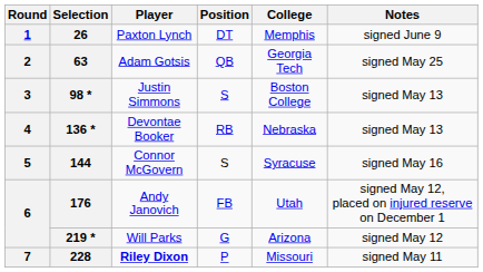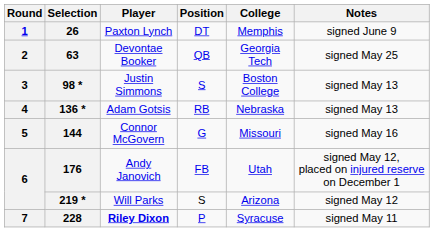 <table class="wikitable" style="text-align:center">
 <tr>
 <th>Round</th>
 <th>Selection</th>
 <th>Player</th>
 <th>Position</th>
 <th>College</th>
 <th>Notes</th>
 </tr>
 <tr>
 <th><a href='#'>1</a></th>
 <th>26</th>
 <td><a href='#'>Paxton Lynch</a></td>
 <td><a href='#'>DT</a></td>
 <td><a href='#'>Memphis</a></td>
 <td>signed June 9</td>
 </tr>
 <tr>
 <th>2</th>
 <th>63</th>
-<td><a href='#'>Adam Gotsis</a></td>
+<td><a href='#'>Devontae Booker</a></td>
 <td><a href='#'>QB</a></td>
 <td><a href='#'>Georgia Tech</a></td>
 <td>signed May 25</td>
 </tr>
 <tr>
 <th>3</th>
 <th>98 *</th>
 <td><a href='#'>Justin Simmons</a></td>
 <td><a href='#'>S</a></td>
 <td><a href='#'>Boston College</a></td>
 <td>signed May 13</td>
 </tr>
 <tr>
 <th>4</th>
 <th>136 *</th>
-<td><a href='#'>Devontae Booker</a></td>
+<td><a href='#'>Adam Gotsis</a></td>
 <td><a href='#'>RB</a></td>
 <td><a href='#'>Nebraska</a></td>
 <td>signed May 13</td>
 </tr>
 <tr>
 <th>5</th>
 <th>144</th>
 <td><a href='#'>Connor McGovern</a></td>
-<td>S</td>
-<td><a href='#'>Syracuse</a></td>
+<td><a href='#'>G</a></td>
+<td><a href='#'>Missouri</a></td>
 <td>signed May 16</td>
 </tr>
 <tr>
 <th rowspan=2>6</th>
 <th>176</th>
 <td><a href='#'>Andy Janovich</a></td>
 <td><a href='#'>FB</a></td>
 <td><a href='#'>Utah</a></td>
 <td>signed May 12,<br>placed on <a href='#'>injured reserve</a> on December 1</td>
 </tr>
 <tr>
 <th>219 *</th>
 <td><a href='#'>Will Parks</a></td>
-<td><a href='#'>G</a></td>
+<td>S</td>
 <td><a href='#'>Arizona</a></td>
 <td>signed May 12</td>
 </tr>
 <tr>
 <th>7</th>
 <th>228</th>
 <td><strong><a href='#'>Riley Dixon</a></strong></td>
 <td><a href='#'>P</a></td>
-<td><a href='#'>Missouri</a></td>
+<td><a href='#'>Syracuse</a></td>
 <td>signed May 11</td>
 </tr>
 </table>
